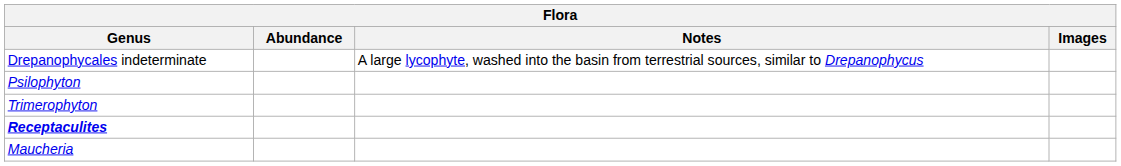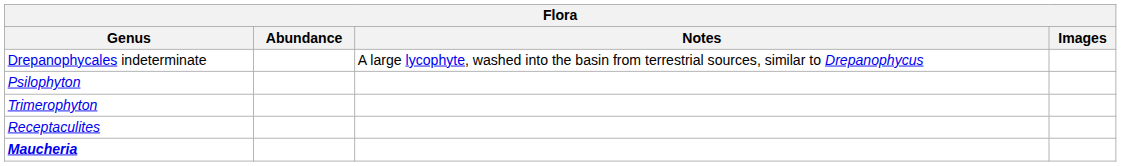 <table class="wikitable sortable" style="background:white; width:100%;">
 <tr>
 <th colspan="5" align="center">Flora</th>
 </tr>
 <tr>
 <th>Genus</th>
 <th>Abundance</th>
 <th>Notes</th>
 <th>Images</th>
 </tr>
 <tr>
 <td><a href='#'>Drepanophycales</a> indeterminate</td>
 <td></td>
 <td>A large <a href='#'>lycophyte</a>, washed into the basin from terrestrial sources, similar to <em><a href='#'>Drepanophycus</a></em></td>
 <td></td>
 </tr>
 <tr>
 <td><em><a href='#'>Psilophyton</a></em></td>
 <td></td>
 <td></td>
 <td></td>
 </tr>
 <tr>
 <td><em><a href='#'>Trimerophyton</a></em></td>
 <td></td>
 <td></td>
 <td></td>
 </tr>
 <tr>
-<td><strong><em><a href='#'>Receptaculites</a></em></strong></td>
+<td><em><a href='#'>Receptaculites</a></em></td>
 <td></td>
 <td></td>
 <td></td>
 </tr>
 <tr>
-<td><em><a href='#'>Maucheria</a></em></td>
+<td><strong><em><a href='#'>Maucheria</a></em></strong></td>
 <td></td>
 <td></td>
 <td></td>
 </tr>
 </table>
